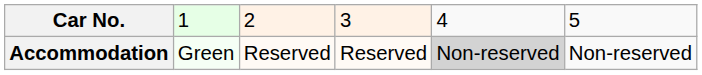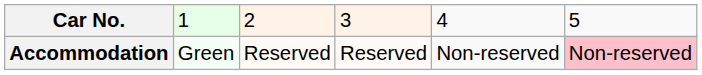 <table class="wikitable">
 <tr>
 <th>Car No.</th>
 <td style="background: #E6FFE6">1</td>
 <td style="background: #FFF2E6">2</td>
 <td style="background: #FFF2E6">3</td>
 <td>4</td>
 <td>5</td>
 </tr>
 <tr>
 <th>Accommodation</th>
 <td style="background: #F5FFF5">Green</td>
 <td style="background: #FFFAF5">Reserved</td>
 <td style="background: #FFFAF5">Reserved</td>
-<td style="background: lightgrey;">Non-reserved</td>
 <td>Non-reserved</td>
+<td style="background: pink;">Non-reserved</td>
 </tr>
 </table>
